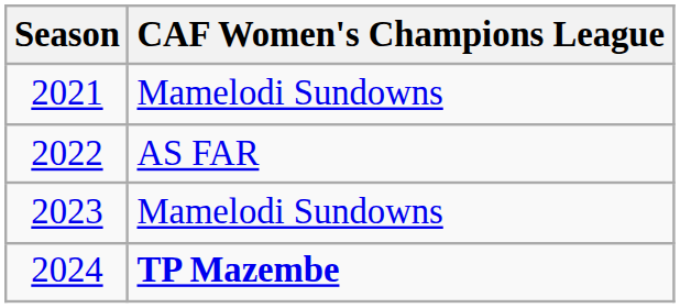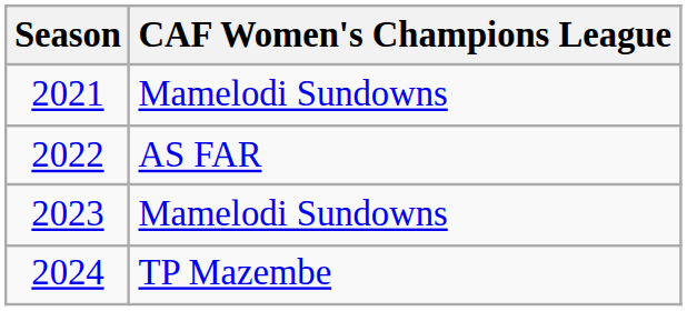 <table class="wikitable floatright" style="text-align:left; margin-top:15px; font-size:85%">
 <tr>
 <th>Season</th>
 <th>CAF Women's Champions League</th>
 </tr>
 <tr>
 <td style="text-align:center"><a href='#'>2021</a></td>
 <td> <a href='#'>Mamelodi Sundowns</a></td>
 </tr>
 <tr>
 <td style="text-align:center"><a href='#'>2022</a></td>
 <td> <a href='#'>AS FAR</a></td>
 </tr>
 <tr>
 <td style="text-align:center"><a href='#'>2023</a></td>
 <td> <a href='#'>Mamelodi Sundowns</a></td>
 </tr>
 <tr>
 <td style="text-align:center"><a href='#'>2024</a></td>
-<td><strong> <a href='#'>TP Mazembe</a></strong></td>
+<td> <a href='#'>TP Mazembe</a></td>
 </tr>
 </table>
